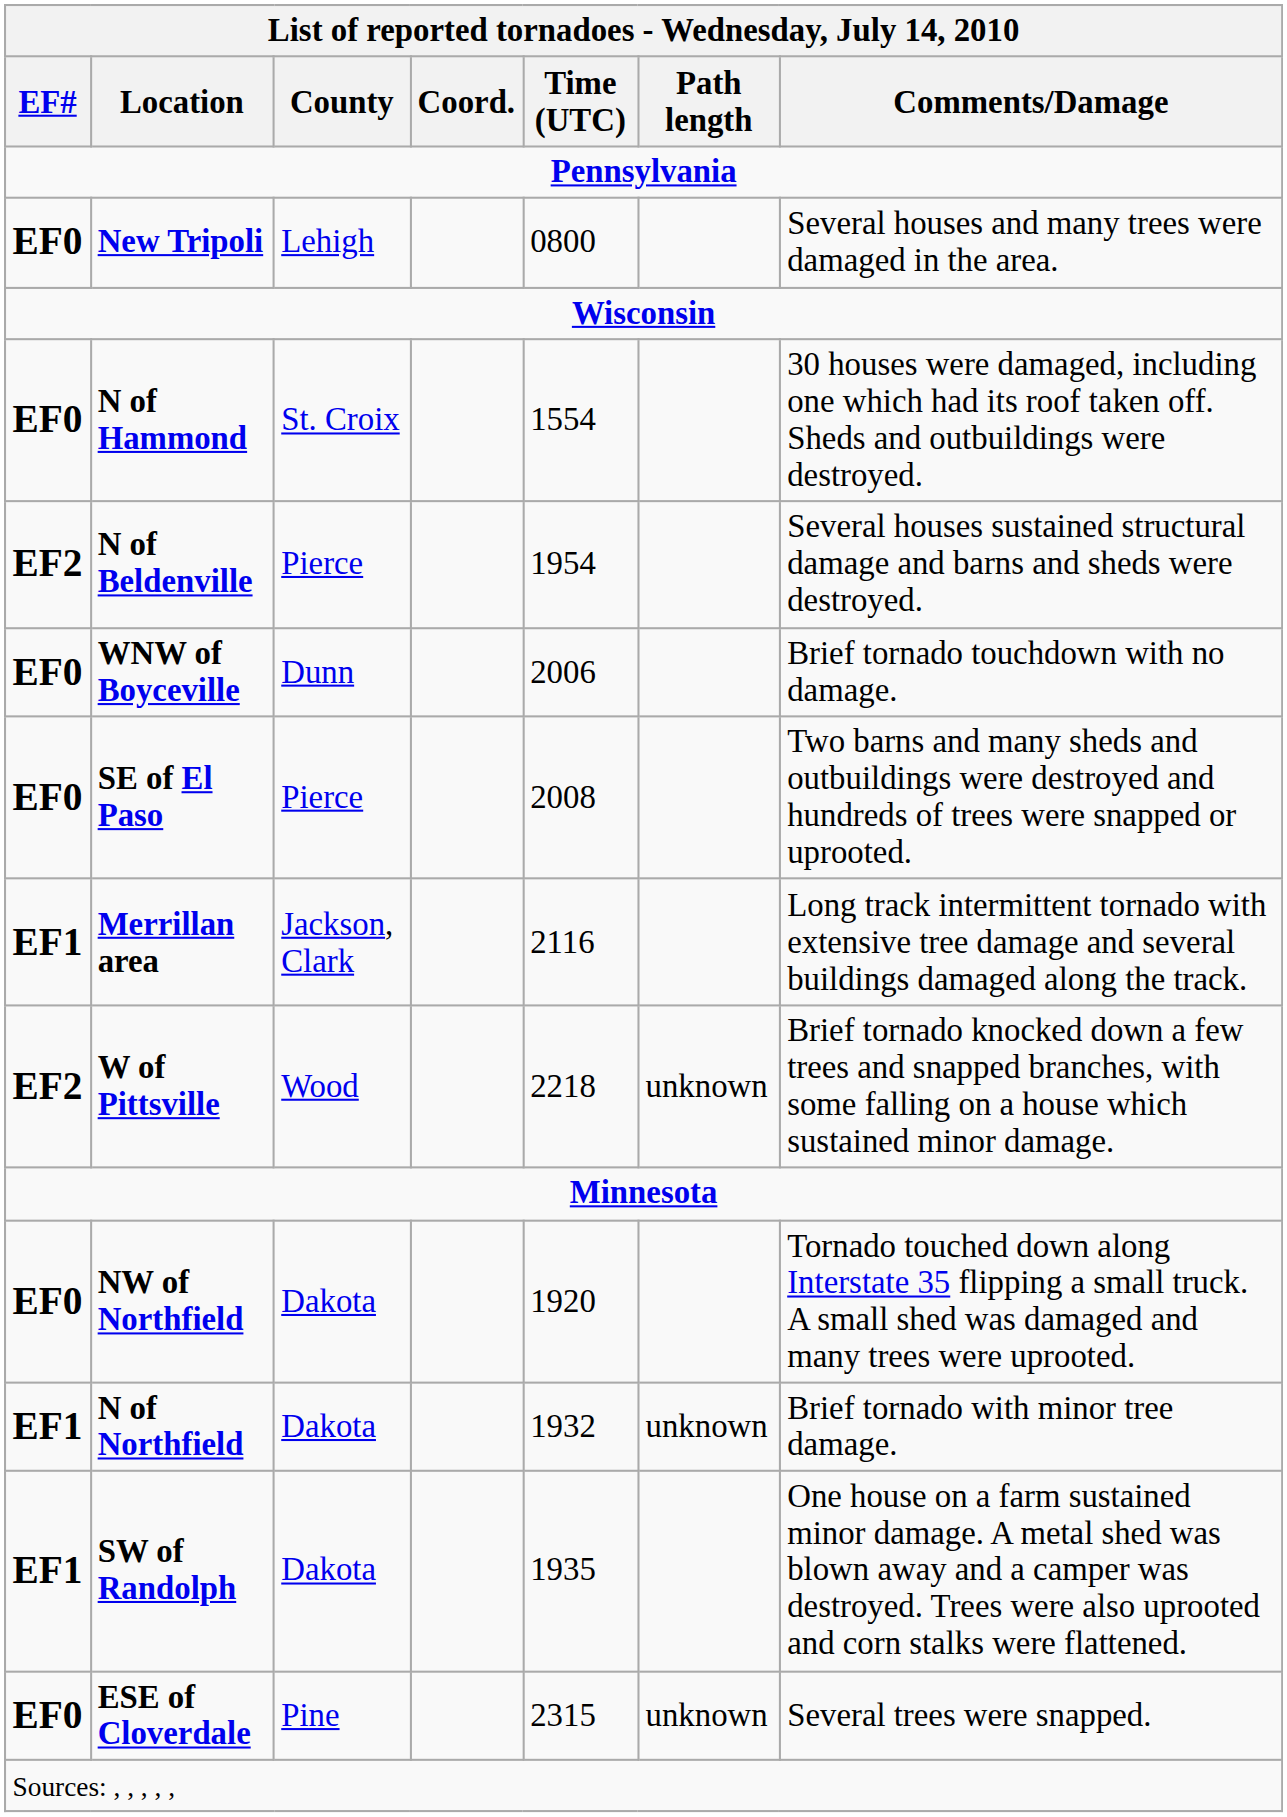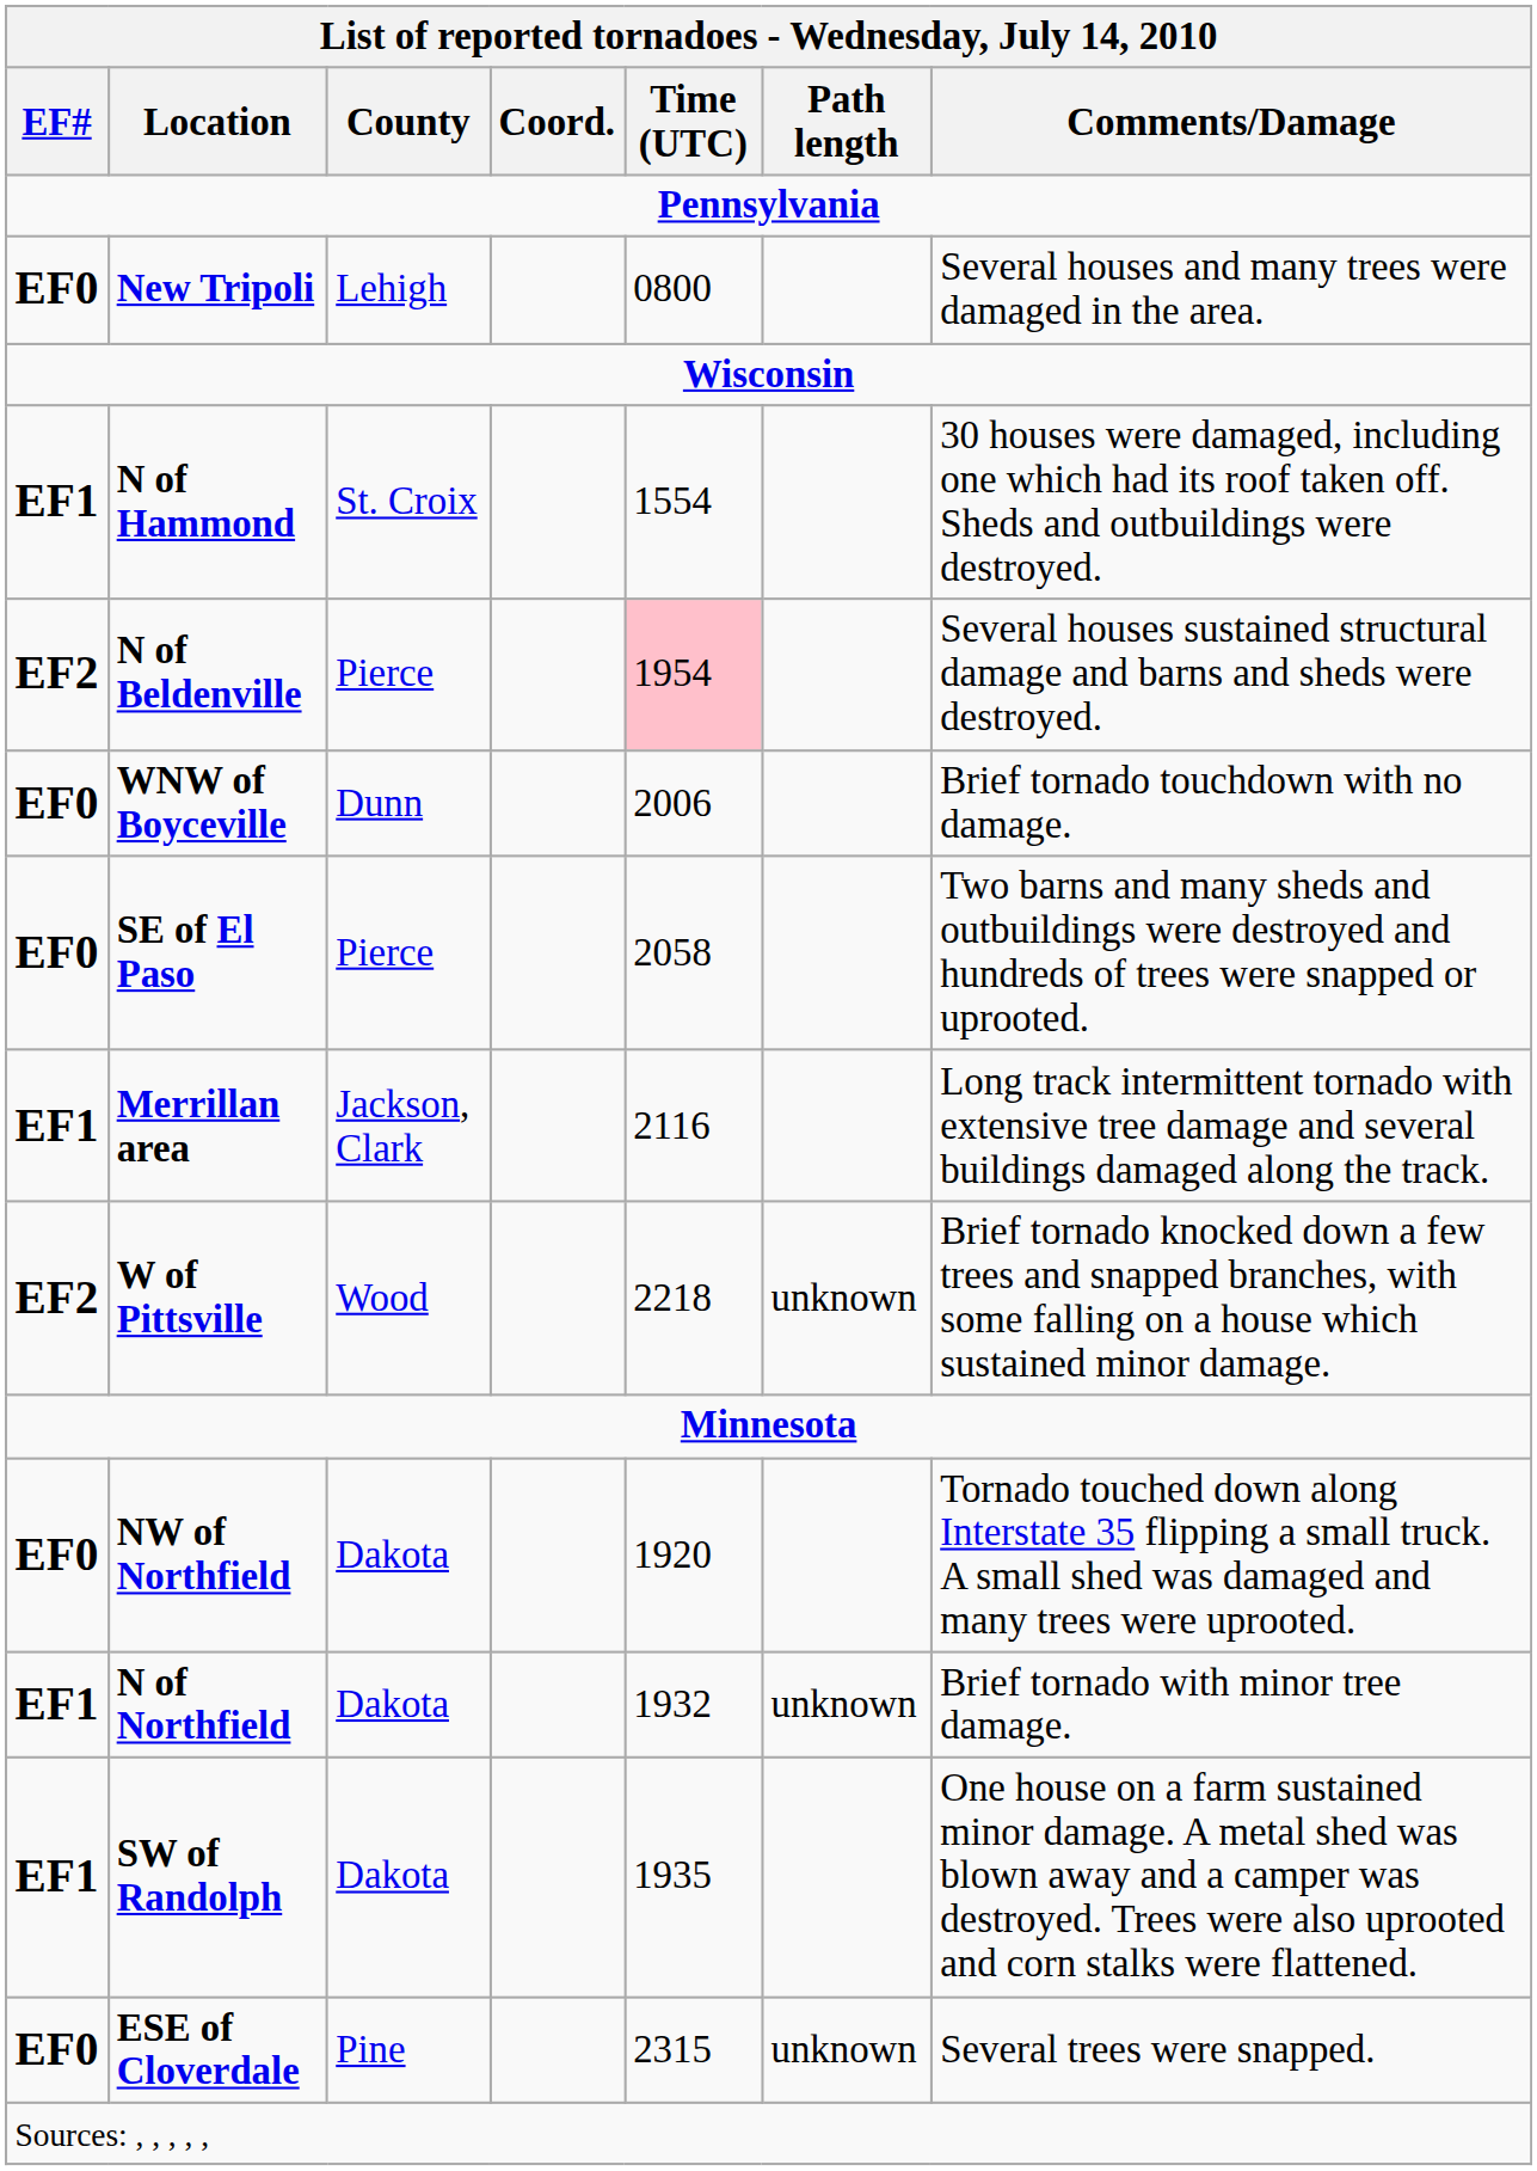 <table class="wikitable collapsible" style="width:100%;">
 <tr>
 <th colspan="7">List of reported tornadoes - Wednesday, July 14, 2010</th>
 </tr>
 <tr>
 <th><a href='#'>EF#</a></th>
 <th>Location</th>
 <th>County</th>
 <th>Coord.</th>
 <th>Time (UTC)</th>
 <th>Path length</th>
 <th>Comments/Damage</th>
 </tr>
 <tr>
 <td colspan="7" style="text-align:center;"><strong><a href='#'>Pennsylvania</a></strong></td>
 </tr>
 <tr>
 <td><big><strong>EF0</strong></big></td>
 <td><strong><a href='#'>New Tripoli</a></strong></td>
 <td><a href='#'>Lehigh</a></td>
 <td></td>
 <td>0800</td>
 <td></td>
 <td>Several houses and many trees were damaged in the area.</td>
 </tr>
 <tr>
 <td colspan="7" style="text-align:center;"><strong><a href='#'>Wisconsin</a></strong></td>
 </tr>
 <tr>
-<td><big><strong>EF0</strong></big></td>
+<td><big><strong>EF1</strong></big></td>
 <td><strong>N of <a href='#'>Hammond</a></strong></td>
 <td><a href='#'>St. Croix</a></td>
 <td></td>
 <td>1554</td>
 <td></td>
 <td>30 houses were damaged, including one which had its roof taken off. Sheds and outbuildings were destroyed.</td>
 </tr>
 <tr>
 <td><big><strong>EF2</strong></big></td>
 <td><strong>N of <a href='#'>Beldenville</a></strong></td>
 <td><a href='#'>Pierce</a></td>
 <td></td>
-<td>1954</td>
+<td style="background: pink;">1954</td>
 <td></td>
 <td>Several houses sustained structural damage and barns and sheds were destroyed.</td>
 </tr>
 <tr>
 <td><big><strong>EF0</strong></big></td>
 <td><strong>WNW of <a href='#'>Boyceville</a></strong></td>
 <td><a href='#'>Dunn</a></td>
 <td></td>
 <td>2006</td>
 <td></td>
 <td>Brief tornado touchdown with no damage.</td>
 </tr>
 <tr>
 <td><big><strong>EF0</strong></big></td>
 <td><strong>SE of <a href='#'>El Paso</a></strong></td>
 <td><a href='#'>Pierce</a></td>
 <td></td>
-<td>2008</td>
+<td>2058</td>
 <td></td>
 <td>Two barns and many sheds and outbuildings were destroyed and hundreds of trees were snapped or uprooted.</td>
 </tr>
 <tr>
 <td><big><strong>EF1</strong></big></td>
 <td><strong><a href='#'>Merrillan</a> area</strong></td>
 <td><a href='#'>Jackson</a>, <a href='#'>Clark</a></td>
 <td></td>
 <td>2116</td>
 <td></td>
 <td>Long track intermittent tornado with extensive tree damage and several buildings damaged along the track.</td>
 </tr>
 <tr>
 <td><big><strong>EF2</strong></big></td>
 <td><strong>W of <a href='#'>Pittsville</a></strong></td>
 <td><a href='#'>Wood</a></td>
 <td></td>
 <td>2218</td>
 <td>unknown</td>
 <td>Brief tornado knocked down a few trees and snapped branches, with some falling on a house which sustained minor damage.</td>
 </tr>
 <tr>
 <td colspan="7" style="text-align:center;"><strong><a href='#'>Minnesota</a></strong></td>
 </tr>
 <tr>
 <td><big><strong>EF0</strong></big></td>
 <td><strong>NW of <a href='#'>Northfield</a></strong></td>
 <td><a href='#'>Dakota</a></td>
 <td></td>
 <td>1920</td>
 <td></td>
 <td>Tornado touched down along <a href='#'>Interstate 35</a> flipping a small truck. A small shed was damaged and many trees were uprooted.</td>
 </tr>
 <tr>
 <td><big><strong>EF1</strong></big></td>
 <td><strong>N of <a href='#'>Northfield</a></strong></td>
 <td><a href='#'>Dakota</a></td>
 <td></td>
 <td>1932</td>
 <td>unknown</td>
 <td>Brief tornado with minor tree damage.</td>
 </tr>
 <tr>
 <td><big><strong>EF1</strong></big></td>
 <td><strong>SW of <a href='#'>Randolph</a></strong></td>
 <td><a href='#'>Dakota</a></td>
 <td></td>
 <td>1935</td>
 <td></td>
 <td>One house on a farm sustained minor damage. A metal shed was blown away and a camper was destroyed. Trees were also uprooted and corn stalks were flattened.</td>
 </tr>
 <tr>
 <td><big><strong>EF0</strong></big></td>
 <td><strong>ESE of <a href='#'>Cloverdale</a></strong></td>
 <td><a href='#'>Pine</a></td>
 <td></td>
 <td>2315</td>
 <td>unknown</td>
 <td>Several trees were snapped.</td>
 </tr>
 <tr>
 <td colspan="7"><small>Sources: , , , , , </small></td>
 </tr>
 </table>
